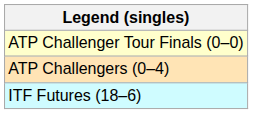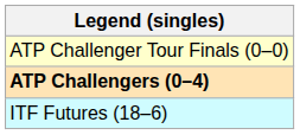 <table class=wikitable style=font-size:97%>
 <tr>
 <th>Legend (singles)</th>
 </tr>
 <tr bgcolor=ffffcc>
 <td>ATP Challenger Tour Finals (0–0)</td>
 </tr>
 <tr bgcolor=moccasin>
-<td>ATP Challengers (0–4)</td>
+<td><strong>ATP Challengers (0–4)</strong></td>
 </tr>
 <tr bgcolor=CFFCFF>
 <td>ITF Futures (18–6)</td>
 </tr>
 </table>
